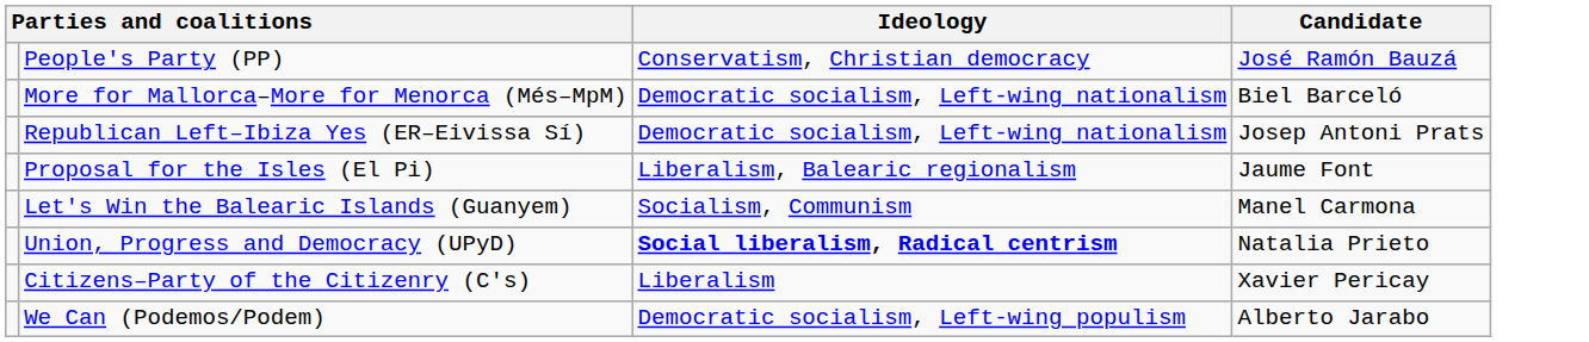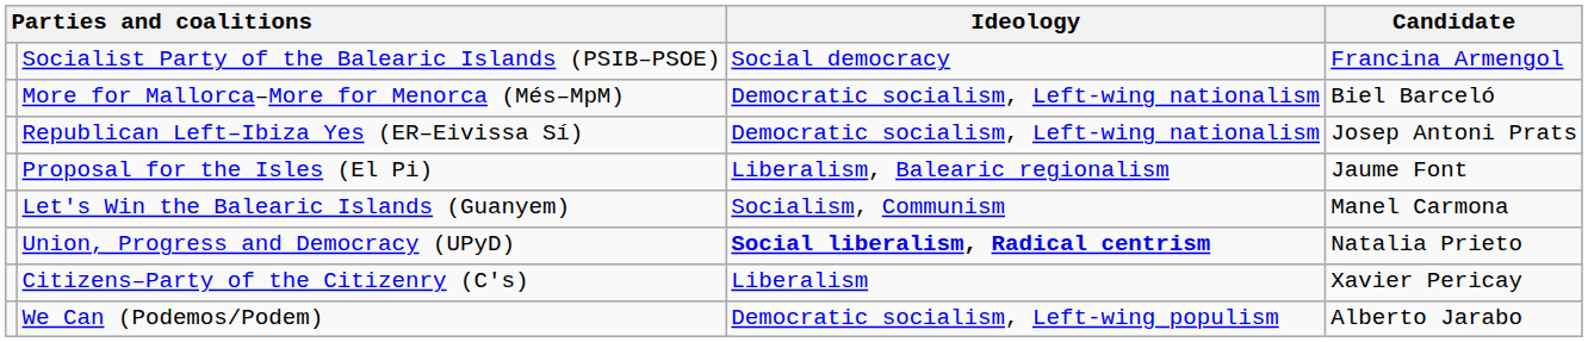 <table class="wikitable" style="font-size:95%;">
 <tr>
 <th style="text-align:left;" colspan="2">Parties and coalitions</th>
 <th>Ideology</th>
 <th>Candidate</th>
 </tr>
 <tr>
-<td width="1" style="color:inherit;background:"></td>
-<td><a href='#'>People's Party</a> (PP)</td>
-<td><a href='#'>Conservatism</a>, <a href='#'>Christian democracy</a></td>
-<td><a href='#'>José Ramón Bauzá</a></td>
+<td style="color:inherit;background:"></td>
+<td><a href='#'>Socialist Party of the Balearic Islands</a> (PSIB–PSOE)</td>
+<td><a href='#'>Social democracy</a></td>
+<td><a href='#'>Francina Armengol</a></td>
 </tr>
 <tr>
 <td style="color:inherit;background:"></td>
 <td><a href='#'>More for Mallorca</a>–<a href='#'>More for Menorca</a> (Més–MpM)</td>
 <td><a href='#'>Democratic socialism</a>, <a href='#'>Left-wing nationalism</a></td>
 <td>Biel Barceló</td>
 </tr>
 <tr>
 <td style="color:inherit;background:"></td>
 <td><a href='#'>Republican Left–Ibiza Yes</a> (ER–Eivissa Sí)</td>
 <td><a href='#'>Democratic socialism</a>, <a href='#'>Left-wing nationalism</a></td>
 <td>Josep Antoni Prats</td>
 </tr>
 <tr>
 <td style="color:inherit;background:"></td>
 <td><a href='#'>Proposal for the Isles</a> (El Pi)</td>
 <td><a href='#'>Liberalism</a>, <a href='#'>Balearic regionalism</a></td>
 <td>Jaume Font</td>
 </tr>
 <tr>
 <td style="color:inherit;background:"></td>
 <td><a href='#'>Let's Win the Balearic Islands</a> (Guanyem)</td>
 <td><a href='#'>Socialism</a>, <a href='#'>Communism</a></td>
 <td>Manel Carmona</td>
 </tr>
 <tr>
 <td style="color:inherit;background:"></td>
 <td><a href='#'>Union, Progress and Democracy</a> (UPyD)</td>
 <td><strong><a href='#'>Social liberalism</a>, <a href='#'>Radical centrism</a></strong></td>
 <td>Natalia Prieto</td>
 </tr>
 <tr>
 <td style="color:inherit;background:"></td>
 <td><a href='#'>Citizens–Party of the Citizenry</a> (C's)</td>
 <td><a href='#'>Liberalism</a></td>
 <td>Xavier Pericay</td>
 </tr>
 <tr>
 <td style="color:inherit;background:"></td>
 <td><a href='#'>We Can</a> (Podemos/Podem)</td>
 <td><a href='#'>Democratic socialism</a>, <a href='#'>Left-wing populism</a></td>
 <td>Alberto Jarabo</td>
 </tr>
 </table>
